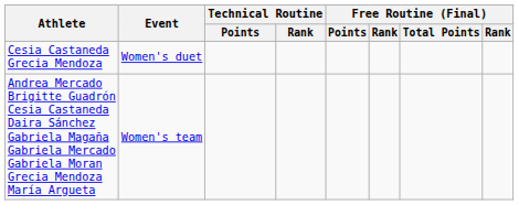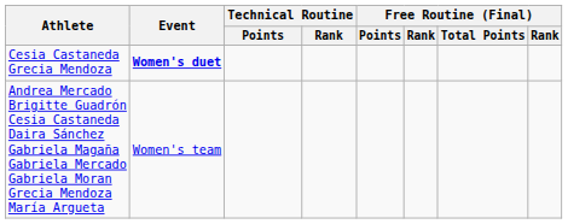 <table class=wikitable style="font-size:90%">
 <tr>
 <th rowspan="2">Athlete</th>
 <th rowspan="2">Event</th>
 <th colspan="2">Technical Routine</th>
 <th colspan="4">Free Routine (Final)</th>
 </tr>
 <tr style="font-size:95%">
 <th>Points</th>
 <th>Rank</th>
 <th>Points</th>
 <th>Rank</th>
 <th>Total Points</th>
 <th>Rank</th>
 </tr>
 <tr align=center>
 <td align=left><a href='#'>Cesia Castaneda</a><br><a href='#'>Grecia Mendoza</a></td>
-<td align=left><a href='#'>Women's duet</a></td>
+<td align=left><strong><a href='#'>Women's duet</a></strong></td>
 <td></td>
 <td></td>
 <td></td>
 <td></td>
 <td></td>
 <td></td>
 </tr>
 <tr align=center>
 <td align=left><a href='#'>Andrea Mercado</a><br><a href='#'>Brigitte Guadrón</a><br><a href='#'>Cesia Castaneda</a><br><a href='#'>Daira Sánchez</a><br><a href='#'>Gabriela Magaña</a><br><a href='#'>Gabriela Mercado</a><br><a href='#'>Gabriela Moran</a><br><a href='#'>Grecia Mendoza</a><br><a href='#'>María Argueta</a></td>
 <td align=left><a href='#'>Women's team</a></td>
 <td></td>
 <td></td>
 <td></td>
 <td></td>
 <td></td>
 <td></td>
 </tr>
 </table>
